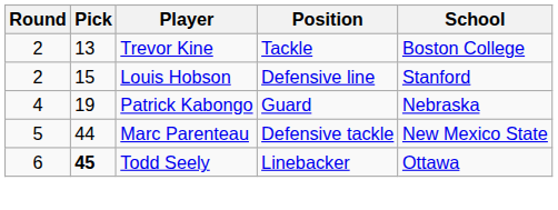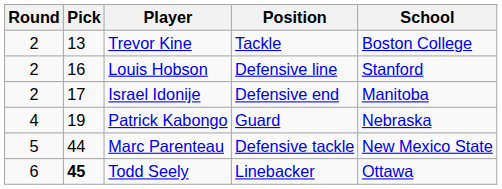 <table class="wikitable" style="font-size: 95%;">
 <tr>
 <th scope="col">Round</th>
 <th scope="col">Pick</th>
 <th scope="col">Player</th>
 <th scope="col">Position</th>
 <th scope="col">School</th>
 </tr>
 <tr>
 <td align=center>2</td>
 <td>13</td>
 <td><a href='#'>Trevor Kine</a></td>
 <td><a href='#'>Tackle</a></td>
 <td><a href='#'>Boston College</a></td>
 </tr>
 <tr>
 <td align=center>2</td>
-<td>15</td>
+<td>16</td>
 <td><a href='#'>Louis Hobson</a></td>
 <td><a href='#'>Defensive line</a></td>
 <td><a href='#'>Stanford</a></td>
+</tr>
+<tr>
+<td align=center>2</td>
+<td>17</td>
+<td><a href='#'>Israel Idonije</a></td>
+<td><a href='#'>Defensive end</a></td>
+<td><a href='#'>Manitoba</a></td>
 </tr>
 <tr>
 <td align=center>4</td>
 <td>19</td>
 <td><a href='#'>Patrick Kabongo</a></td>
 <td><a href='#'>Guard</a></td>
 <td><a href='#'>Nebraska</a></td>
 </tr>
 <tr>
 <td align=center>5</td>
 <td>44</td>
 <td><a href='#'>Marc Parenteau</a></td>
 <td><a href='#'>Defensive tackle</a></td>
 <td><a href='#'>New Mexico State</a></td>
 </tr>
 <tr>
 <td align=center>6</td>
 <td><strong>45</strong></td>
 <td><a href='#'>Todd Seely</a></td>
 <td><a href='#'>Linebacker</a></td>
 <td><a href='#'>Ottawa</a></td>
 </tr>
 </table>
